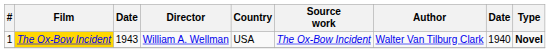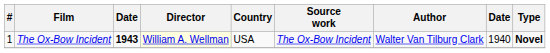 <table class="wikitable">
 <tr>
 <th>#</th>
 <th>Film</th>
 <th>Date</th>
 <th>Director</th>
 <th>Country</th>
 <th>Source<br>work</th>
 <th>Author</th>
 <th>Date</th>
 <th>Type</th>
 </tr>
 <tr>
 <td>1</td>
-<td style="background: gold;"><em><a href='#'>The Ox-Bow Incident</a></em></td>
-<td>1943</td>
-<td><a href='#'>William A. Wellman</a></td>
+<td><em><a href='#'>The Ox-Bow Incident</a></em></td>
+<td><strong>1943</strong></td>
+<td style="background: lightyellow;"><a href='#'>William A. Wellman</a></td>
 <td>USA</td>
 <td><em><a href='#'>The Ox-Bow Incident</a></em></td>
 <td><a href='#'>Walter Van Tilburg Clark</a></td>
 <td>1940</td>
 <td><strong>Novel</strong></td>
 </tr>
 <tr>
 </tr>
 </table>
